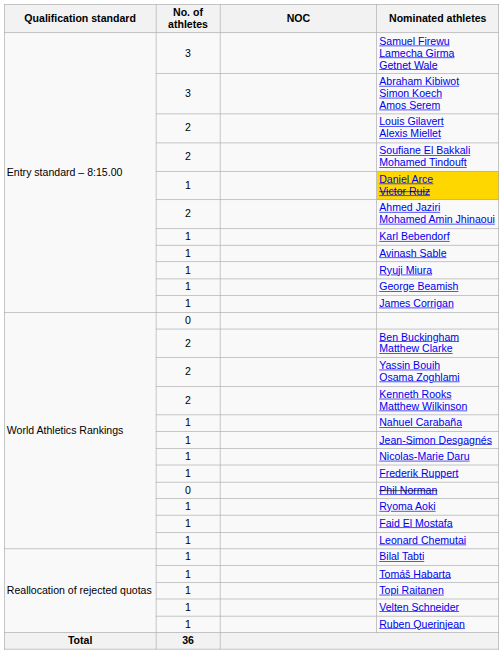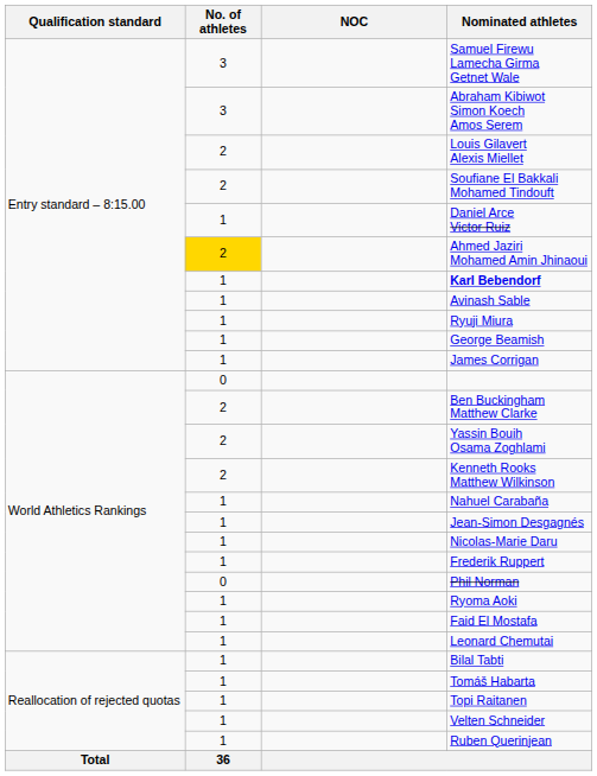 <table class="wikitable sortable" style="text-align:left; width:750px;">
 <tr>
 <th>Qualification standard</th>
 <th width=90>No. of athletes</th>
 <th width=230>NOC</th>
 <th>Nominated athletes</th>
 </tr>
 <tr>
 <td rowspan=11>Entry standard – 8:15.00</td>
 <td align=center>3</td>
 <td></td>
 <td><a href='#'>Samuel Firewu</a><br><a href='#'>Lamecha Girma</a><br><a href='#'>Getnet Wale</a></td>
 </tr>
 <tr>
 <td align=center>3</td>
 <td></td>
 <td><a href='#'>Abraham Kibiwot</a><br><a href='#'>Simon Koech</a><br><a href='#'>Amos Serem</a></td>
 </tr>
 <tr>
 <td align=center>2</td>
 <td></td>
 <td><a href='#'>Louis Gilavert</a><br><a href='#'>Alexis Miellet</a></td>
 </tr>
 <tr>
 <td align=center>2</td>
 <td></td>
 <td><a href='#'>Soufiane El Bakkali</a><br><a href='#'>Mohamed Tindouft</a></td>
 </tr>
 <tr>
 <td align=center>1</td>
 <td></td>
-<td style="background: gold;"><a href='#'>Daniel Arce</a><br><s><a href='#'>Victor Ruiz</a></s></td>
+<td><a href='#'>Daniel Arce</a><br><s><a href='#'>Victor Ruiz</a></s></td>
 </tr>
 <tr>
-<td align=center>2</td>
+<td align=center style="background: gold;">2</td>
 <td></td>
 <td><a href='#'>Ahmed Jaziri</a><br><a href='#'>Mohamed Amin Jhinaoui</a></td>
 </tr>
 <tr>
 <td align=center>1</td>
 <td></td>
-<td><a href='#'>Karl Bebendorf</a></td>
+<td><strong><a href='#'>Karl Bebendorf</a></strong></td>
 </tr>
 <tr>
 <td align=center>1</td>
 <td></td>
 <td><a href='#'>Avinash Sable</a></td>
 </tr>
 <tr>
 <td align=center>1</td>
 <td></td>
 <td><a href='#'>Ryuji Miura</a></td>
 </tr>
 <tr>
 <td align=center>1</td>
 <td></td>
 <td><a href='#'>George Beamish</a></td>
 </tr>
 <tr>
 <td align=center>1</td>
 <td></td>
 <td><a href='#'>James Corrigan</a></td>
 </tr>
 <tr>
 <td rowspan =12>World Athletics Rankings</td>
 <td align=center>0</td>
 <td><s></s></td>
 <td align=center><s></s></td>
 </tr>
 <tr>
 <td align=center>2</td>
 <td></td>
 <td><a href='#'>Ben Buckingham</a><br><a href='#'>Matthew Clarke</a></td>
 </tr>
 <tr>
 <td align=center>2</td>
 <td></td>
 <td><a href='#'>Yassin Bouih</a><br><a href='#'>Osama Zoghlami</a></td>
 </tr>
 <tr>
 <td align=center>2</td>
 <td></td>
 <td><a href='#'>Kenneth Rooks</a><br><a href='#'>Matthew Wilkinson</a></td>
 </tr>
 <tr>
 <td align=center>1</td>
 <td></td>
 <td><a href='#'>Nahuel Carabaña</a></td>
 </tr>
 <tr>
 <td align=center>1</td>
 <td></td>
 <td><a href='#'>Jean-Simon Desgagnés</a></td>
 </tr>
 <tr>
 <td align=center>1</td>
 <td></td>
 <td><a href='#'>Nicolas-Marie Daru</a></td>
 </tr>
 <tr>
 <td align=center>1</td>
 <td></td>
 <td><a href='#'>Frederik Ruppert</a></td>
 </tr>
 <tr>
 <td align=center>0</td>
 <td><s></s></td>
 <td><s><a href='#'>Phil Norman</a></s></td>
 </tr>
 <tr>
 <td align=center>1</td>
 <td></td>
 <td><a href='#'>Ryoma Aoki</a></td>
 </tr>
 <tr>
 <td align=center>1</td>
 <td></td>
 <td><a href='#'>Faid El Mostafa</a></td>
 </tr>
 <tr>
 <td align=center>1</td>
 <td></td>
 <td><a href='#'>Leonard Chemutai</a></td>
 </tr>
 <tr>
 <td rowspan="5">Reallocation of rejected quotas</td>
 <td align=center>1</td>
 <td></td>
 <td><a href='#'>Bilal Tabti</a></td>
 </tr>
 <tr>
 <td align=center>1</td>
 <td></td>
 <td><a href='#'>Tomáš Habarta</a></td>
 </tr>
 <tr>
 <td align=center>1</td>
 <td></td>
 <td><a href='#'>Topi Raitanen</a></td>
 </tr>
 <tr>
 <td align=center>1</td>
 <td></td>
 <td><a href='#'>Velten Schneider</a></td>
 </tr>
 <tr>
 <td align=center>1</td>
 <td></td>
 <td><a href='#'>Ruben Querinjean</a></td>
 </tr>
 <tr>
 <th>Total</th>
 <th>36</th>
 <th colspan=2></th>
 </tr>
 </table>
